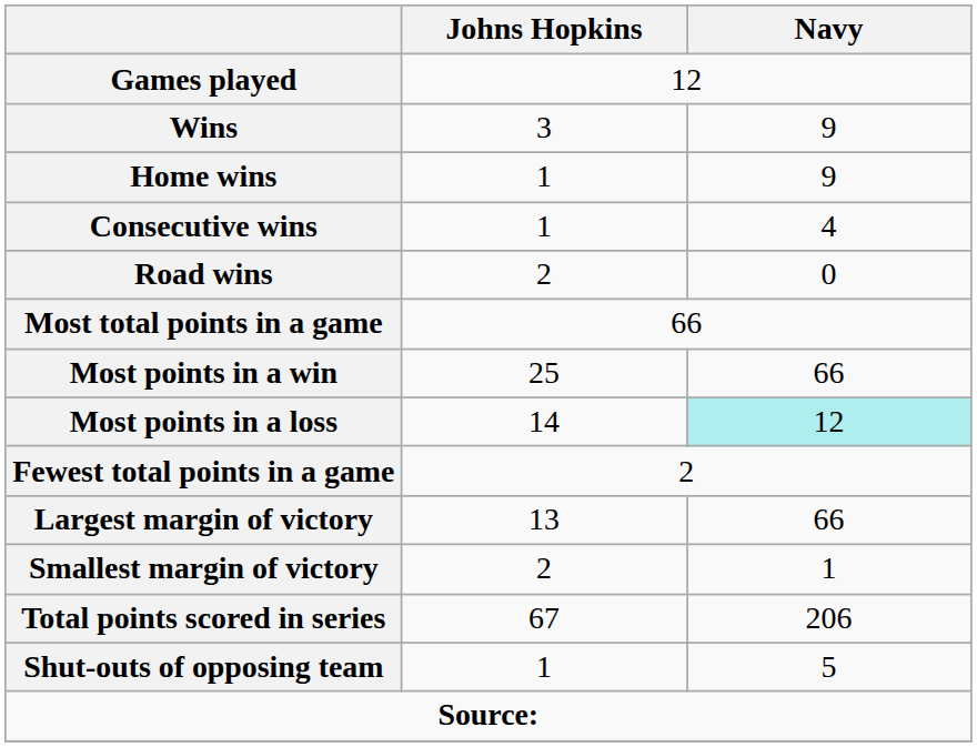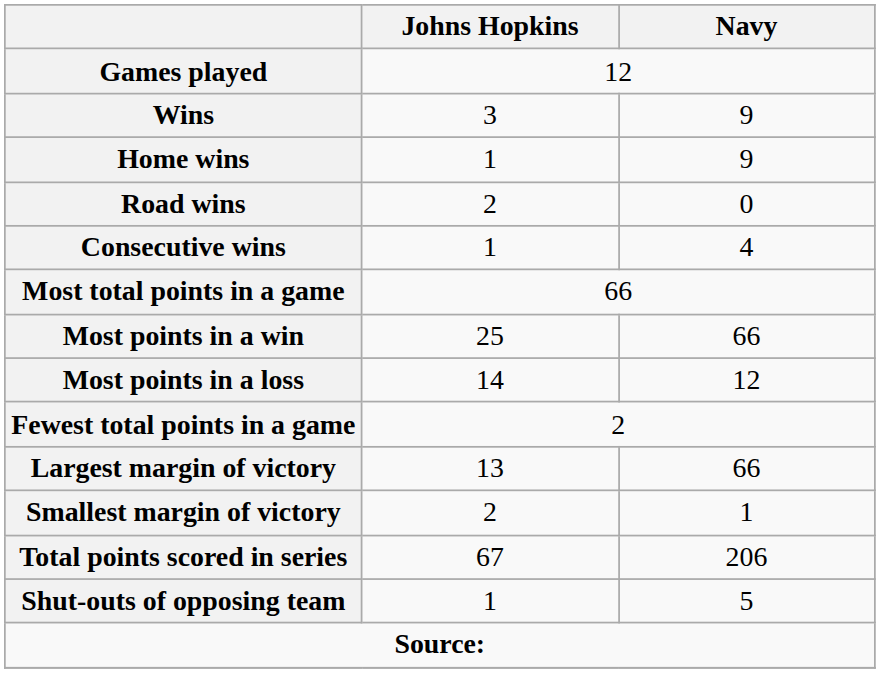 <table class="wikitable plainrowheaders" style="text-align:center">
 <tr>
 <th></th>
 <th width=140>Johns Hopkins</th>
 <th width=140>Navy</th>
 </tr>
 <tr>
 <th scope=row>Games played</th>
 <td align=center colspan=2>12</td>
 </tr>
 <tr>
 <th scope=row>Wins</th>
 <td>3</td>
 <td>9</td>
 </tr>
 <tr>
 <th scope=row>Home wins</th>
 <td>1</td>
 <td>9</td>
 </tr>
 <tr>
+<th scope=row>Road wins</th>
+<td>2</td>
+<td>0</td>
+</tr>
+<tr>
 <th scope=row>Consecutive wins</th>
 <td>1</td>
 <td>4</td>
-</tr>
-<tr>
-<th scope=row>Road wins</th>
-<td>2</td>
-<td>0</td>
 </tr>
 <tr>
 <th scope=row>Most total points in a game</th>
 <td align=center colspan=2>66</td>
 </tr>
 <tr>
 <th scope=row>Most points in a win</th>
 <td>25</td>
 <td>66</td>
 </tr>
 <tr>
 <th scope=row>Most points in a loss</th>
 <td>14</td>
-<td style="background: paleturquoise;">12</td>
+<td>12</td>
 </tr>
 <tr>
 <th scope=row>Fewest total points in a game</th>
 <td align=center colspan=2>2</td>
 </tr>
 <tr>
 <th scope=row>Largest margin of victory</th>
 <td>13</td>
 <td>66</td>
 </tr>
 <tr>
 <th scope=row>Smallest margin of victory</th>
 <td>2</td>
 <td>1</td>
 </tr>
 <tr>
 <th scope=row>Total points scored in series</th>
 <td>67</td>
 <td>206</td>
 </tr>
 <tr>
 <th scope=row>Shut-outs of opposing team</th>
 <td>1</td>
 <td>5</td>
 </tr>
 <tr>
 <td colspan=3><strong>Source:</strong></td>
 </tr>
 <tr>
 </tr>
 </table>
